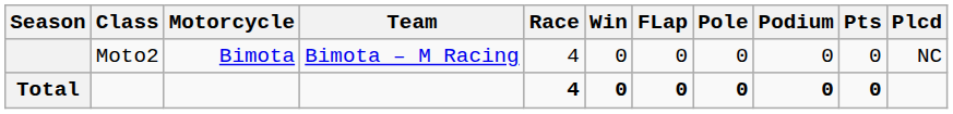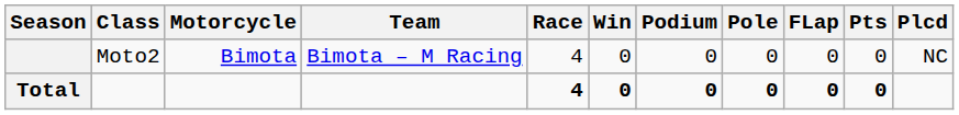 <table class="wikitable" style=text-align:right>
 <tr>
 <th>Season</th>
 <th>Class</th>
 <th>Motorcycle</th>
 <th>Team</th>
 <th>Race</th>
 <th>Win</th>
+<th>Podium</th>
+<th>Pole</th>
 <th>FLap</th>
-<th>Pole</th>
-<th>Podium</th>
 <th>Pts</th>
 <th>Plcd</th>
 </tr>
 <tr>
 <th></th>
 <td>Moto2</td>
 <td><a href='#'>Bimota</a></td>
 <td><a href='#'>Bimota – M Racing</a></td>
 <td>4</td>
 <td>0</td>
 <td>0</td>
 <td>0</td>
 <td>0</td>
 <td>0</td>
 <td>NC</td>
 </tr>
 <tr>
 <th>Total</th>
 <td></td>
 <td></td>
 <td></td>
 <td><strong>4</strong></td>
 <td><strong>0</strong></td>
 <td><strong>0</strong></td>
 <td><strong>0</strong></td>
 <td><strong>0</strong></td>
 <td><strong>0</strong></td>
 <td></td>
 </tr>
 </table>
